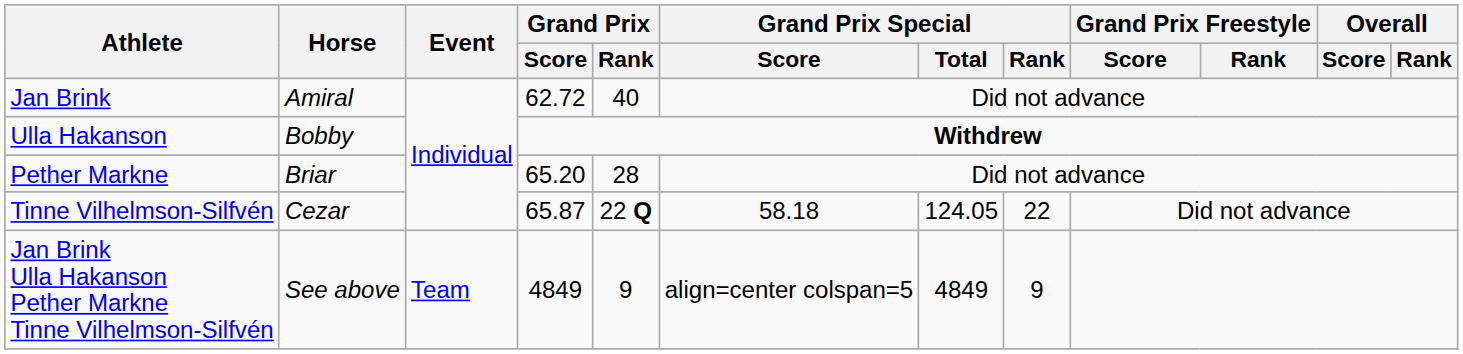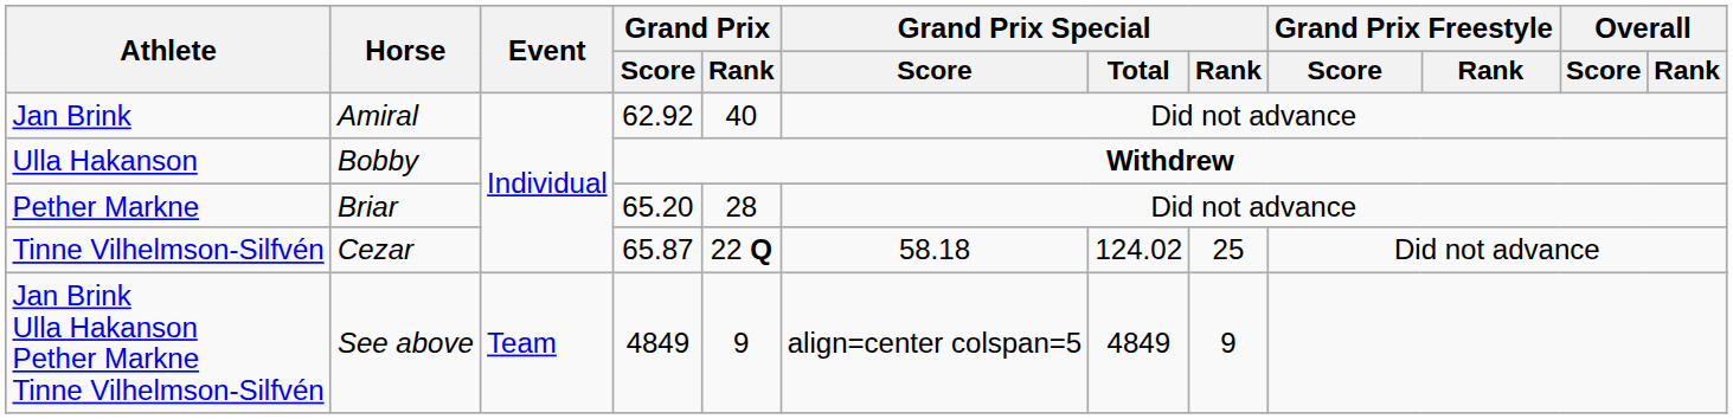 <table class=wikitable style="font-size:90%">
 <tr>
 <th rowspan="2">Athlete</th>
 <th rowspan="2">Horse</th>
 <th rowspan="2">Event</th>
 <th colspan="2">Grand Prix</th>
 <th colspan="3">Grand Prix Special</th>
 <th colspan="2">Grand Prix Freestyle</th>
 <th colspan="2">Overall</th>
 </tr>
 <tr style="font-size:95%">
 <th>Score</th>
 <th>Rank</th>
 <th>Score</th>
 <th>Total</th>
 <th>Rank</th>
 <th>Score</th>
 <th>Rank</th>
 <th>Score</th>
 <th>Rank</th>
 </tr>
 <tr>
 <td align=left><a href='#'>Jan Brink</a></td>
 <td align=left><em>Amiral</em></td>
 <td align=left rowspan=4><a href='#'>Individual</a></td>
-<td align=center>62.72</td>
+<td align=center>62.92</td>
 <td align=center>40</td>
 <td align=center colspan=7>Did not advance</td>
 </tr>
 <tr>
 <td align=left><a href='#'>Ulla Hakanson</a></td>
 <td align=left><em>Bobby</em></td>
 <td align=center colspan=9><strong>Withdrew</strong></td>
 </tr>
 <tr>
 <td align=left><a href='#'>Pether Markne</a></td>
 <td align=left><em>Briar</em></td>
 <td align=center>65.20</td>
 <td align=center>28</td>
 <td align=center colspan=7>Did not advance</td>
 </tr>
 <tr>
 <td align=left><a href='#'>Tinne Vilhelmson-Silfvén</a></td>
 <td align=left><em>Cezar</em></td>
 <td align=center>65.87</td>
 <td align=center>22 <strong>Q</strong></td>
 <td align=center>58.18</td>
-<td align=center>124.05</td>
-<td align=center>22</td>
+<td align=center>124.02</td>
+<td align=center>25</td>
 <td align=center colspan=4>Did not advance</td>
 </tr>
 <tr>
 <td align=left><a href='#'>Jan Brink</a><br> <a href='#'>Ulla Hakanson</a><br> <a href='#'>Pether Markne</a><br> <a href='#'>Tinne Vilhelmson-Silfvén</a></td>
 <td align=left><em>See above</em></td>
 <td align=left><a href='#'>Team</a></td>
 <td align=center>4849</td>
 <td align=center>9</td>
 <td>align=center colspan=5 </td>
 <td align=center>4849</td>
 <td align=center>9</td>
 </tr>
 </table>
